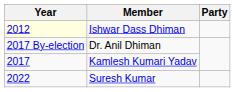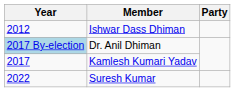 <table class="wikitable sortable">
 <tr>
 <th>Year</th>
 <th>Member</th>
 <th colspan="2">Party</th>
 </tr>
 <tr>
-<td style="background: lightyellow;"><a href='#'>2012</a></td>
+<td><a href='#'>2012</a></td>
 <td><a href='#'>Ishwar Dass Dhiman</a></td>
 <td></td>
 </tr>
 <tr>
-<td><a href='#'>2017 By-election</a></td>
+<td style="background: lightblue;"><a href='#'>2017 By-election</a></td>
 <td>Dr. Anil Dhiman</td>
 </tr>
 <tr>
 <td><a href='#'>2017</a></td>
 <td><a href='#'>Kamlesh Kumari Yadav</a></td>
 </tr>
 <tr>
 <td><a href='#'>2022</a></td>
 <td><a href='#'>Suresh Kumar</a></td>
 <td></td>
 </tr>
 </table>
